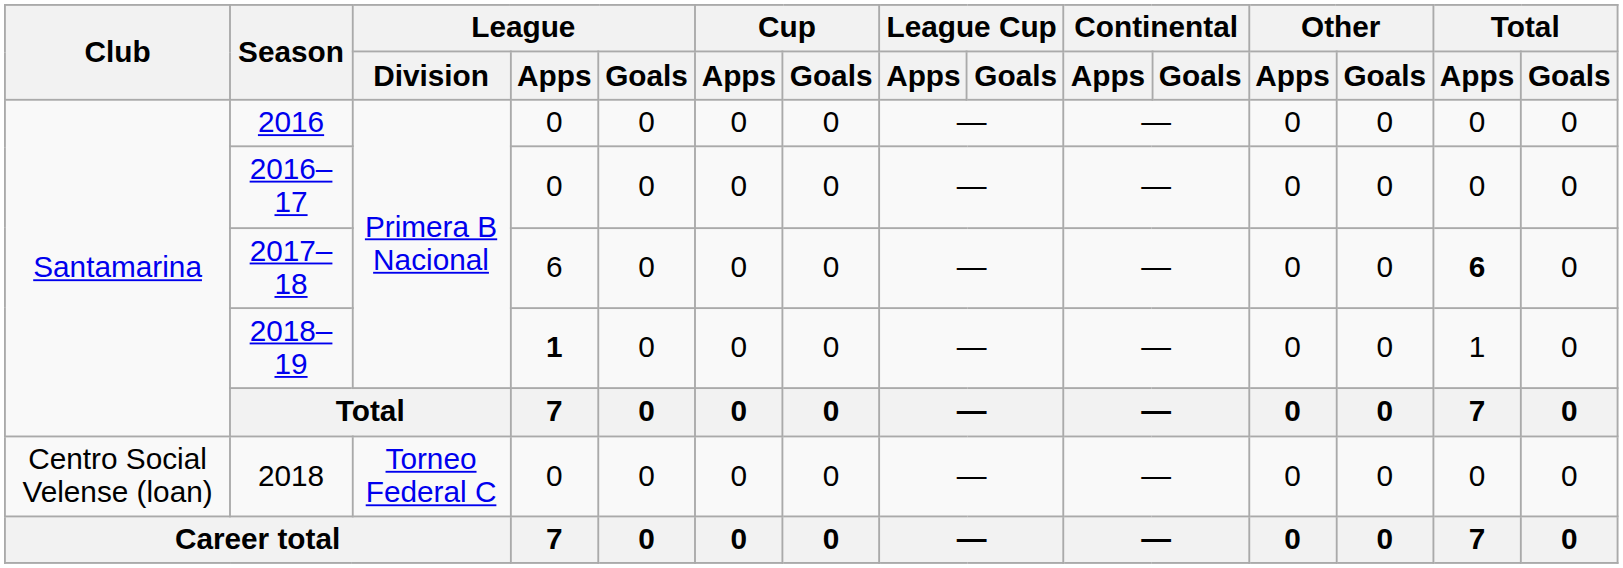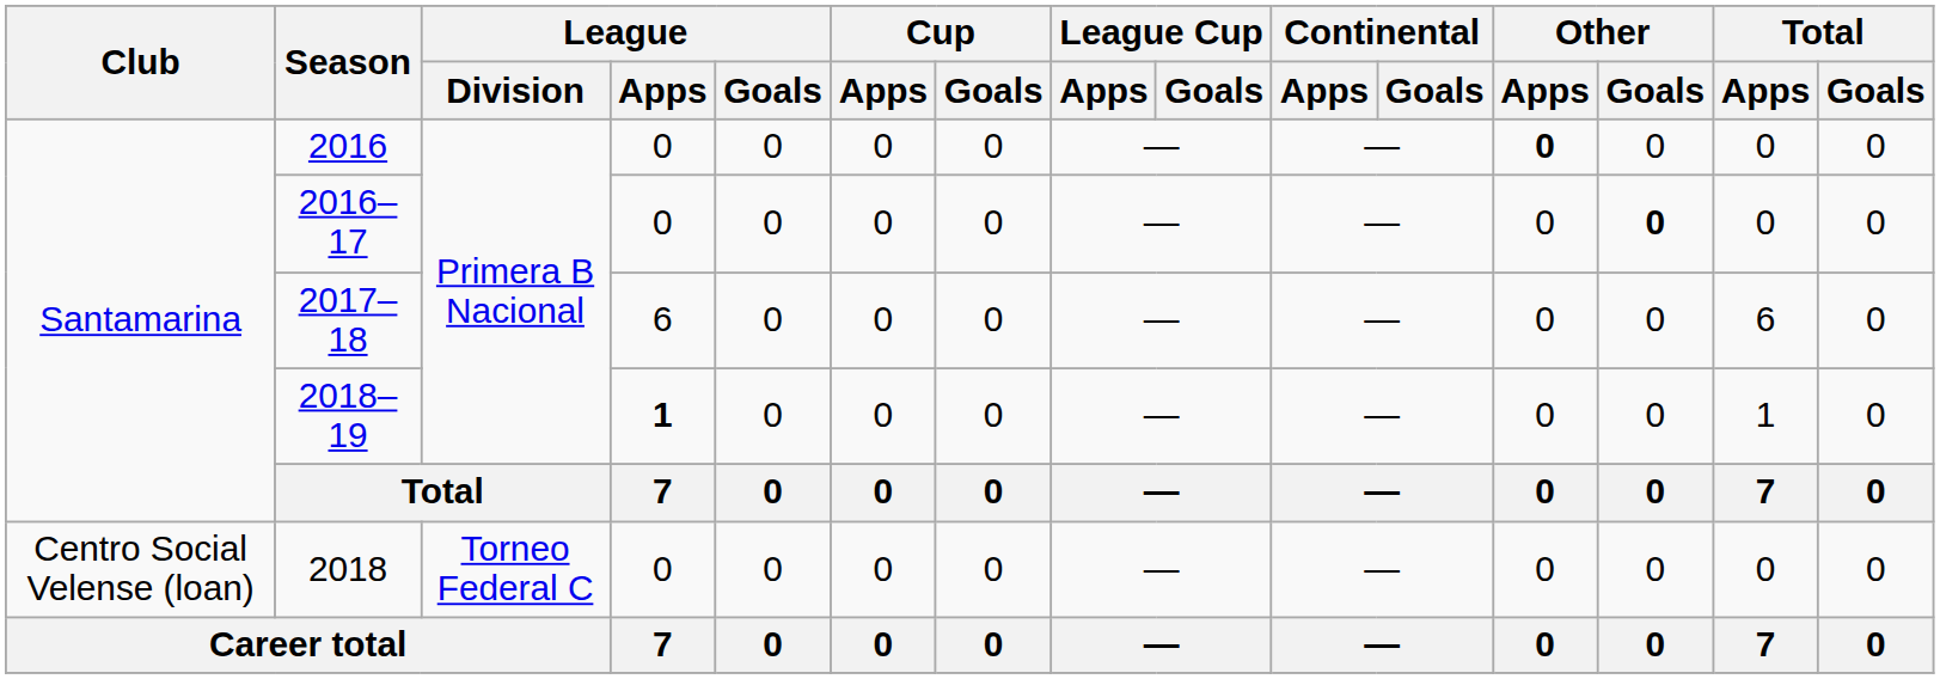 <table class="wikitable" style="text-align:center">
 <tr>
 <th rowspan="2">Club</th>
 <th rowspan="2">Season</th>
 <th colspan="3">League</th>
 <th colspan="2">Cup</th>
 <th colspan="2">League Cup</th>
 <th colspan="2">Continental</th>
 <th colspan="2">Other</th>
 <th colspan="2">Total</th>
 </tr>
 <tr>
 <th>Division</th>
 <th>Apps</th>
 <th>Goals</th>
 <th>Apps</th>
 <th>Goals</th>
 <th>Apps</th>
 <th>Goals</th>
 <th>Apps</th>
 <th>Goals</th>
 <th>Apps</th>
 <th>Goals</th>
 <th>Apps</th>
 <th>Goals</th>
 </tr>
 <tr>
 <td rowspan="5"><a href='#'>Santamarina</a></td>
 <td><a href='#'>2016</a></td>
 <td rowspan="4"><a href='#'>Primera B Nacional</a></td>
 <td>0</td>
 <td>0</td>
 <td>0</td>
 <td>0</td>
 <td colspan="2">—</td>
 <td colspan="2">—</td>
-<td>0</td>
+<td><strong>0</strong></td>
 <td>0</td>
 <td>0</td>
 <td>0</td>
 </tr>
 <tr>
 <td><a href='#'>2016–17</a></td>
 <td>0</td>
 <td>0</td>
 <td>0</td>
 <td>0</td>
 <td colspan="2">—</td>
 <td colspan="2">—</td>
 <td>0</td>
-<td>0</td>
+<td><strong>0</strong></td>
 <td>0</td>
 <td>0</td>
 </tr>
 <tr>
 <td><a href='#'>2017–18</a></td>
 <td>6</td>
 <td>0</td>
 <td>0</td>
 <td>0</td>
 <td colspan="2">—</td>
 <td colspan="2">—</td>
 <td>0</td>
 <td>0</td>
-<td><strong>6</strong></td>
+<td>6</td>
 <td>0</td>
 </tr>
 <tr>
 <td><a href='#'>2018–19</a></td>
 <td><strong>1</strong></td>
 <td>0</td>
 <td>0</td>
 <td>0</td>
 <td colspan="2">—</td>
 <td colspan="2">—</td>
 <td>0</td>
 <td>0</td>
 <td>1</td>
 <td>0</td>
 </tr>
 <tr>
 <th colspan="2">Total</th>
 <th>7</th>
 <th>0</th>
 <th>0</th>
 <th>0</th>
 <th colspan="2">—</th>
 <th colspan="2">—</th>
 <th>0</th>
 <th>0</th>
 <th>7</th>
 <th>0</th>
 </tr>
 <tr>
 <td rowspan="1">Centro Social Velense (loan)</td>
 <td>2018</td>
 <td rowspan="1"><a href='#'>Torneo Federal C</a></td>
 <td>0</td>
 <td>0</td>
 <td>0</td>
 <td>0</td>
 <td colspan="2">—</td>
 <td colspan="2">—</td>
 <td>0</td>
 <td>0</td>
 <td>0</td>
 <td>0</td>
 </tr>
 <tr>
 <th colspan="3">Career total</th>
 <th>7</th>
 <th>0</th>
 <th>0</th>
 <th>0</th>
 <th colspan="2">—</th>
 <th colspan="2">—</th>
 <th>0</th>
 <th>0</th>
 <th>7</th>
 <th>0</th>
 </tr>
 </table>
